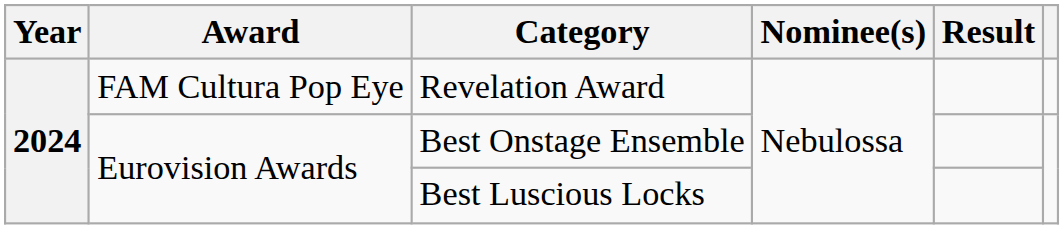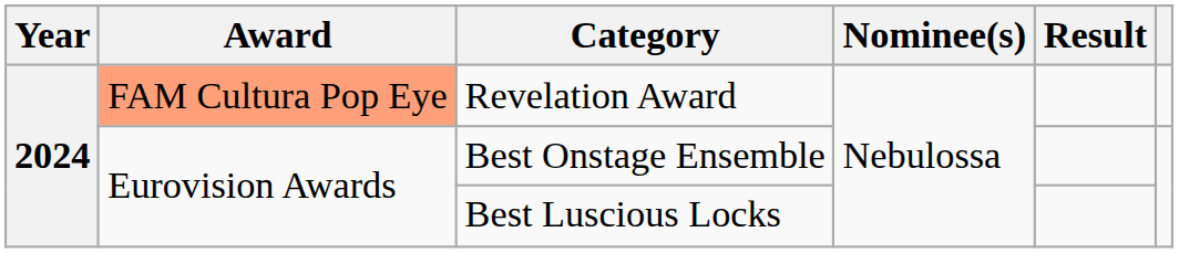 <table class="wikitable plainrowheaders">
 <tr>
 <th scope="col">Year</th>
 <th scope="col">Award</th>
 <th scope="col">Category</th>
 <th scope="col">Nominee(s)</th>
 <th scope="col">Result</th>
 <th scope="col"></th>
 </tr>
 <tr>
 <th rowspan="3">2024</th>
-<td>FAM Cultura Pop Eye</td>
+<td style="background: lightsalmon;">FAM Cultura Pop Eye</td>
 <td>Revelation Award</td>
 <td rowspan="3">Nebulossa</td>
 <td></td>
 <td></td>
 </tr>
 <tr>
 <td rowspan="2">Eurovision Awards</td>
 <td>Best Onstage Ensemble</td>
 <td></td>
 <td rowspan="2"></td>
 </tr>
 <tr>
 <td>Best Luscious Locks</td>
 <td></td>
 </tr>
 </table>
